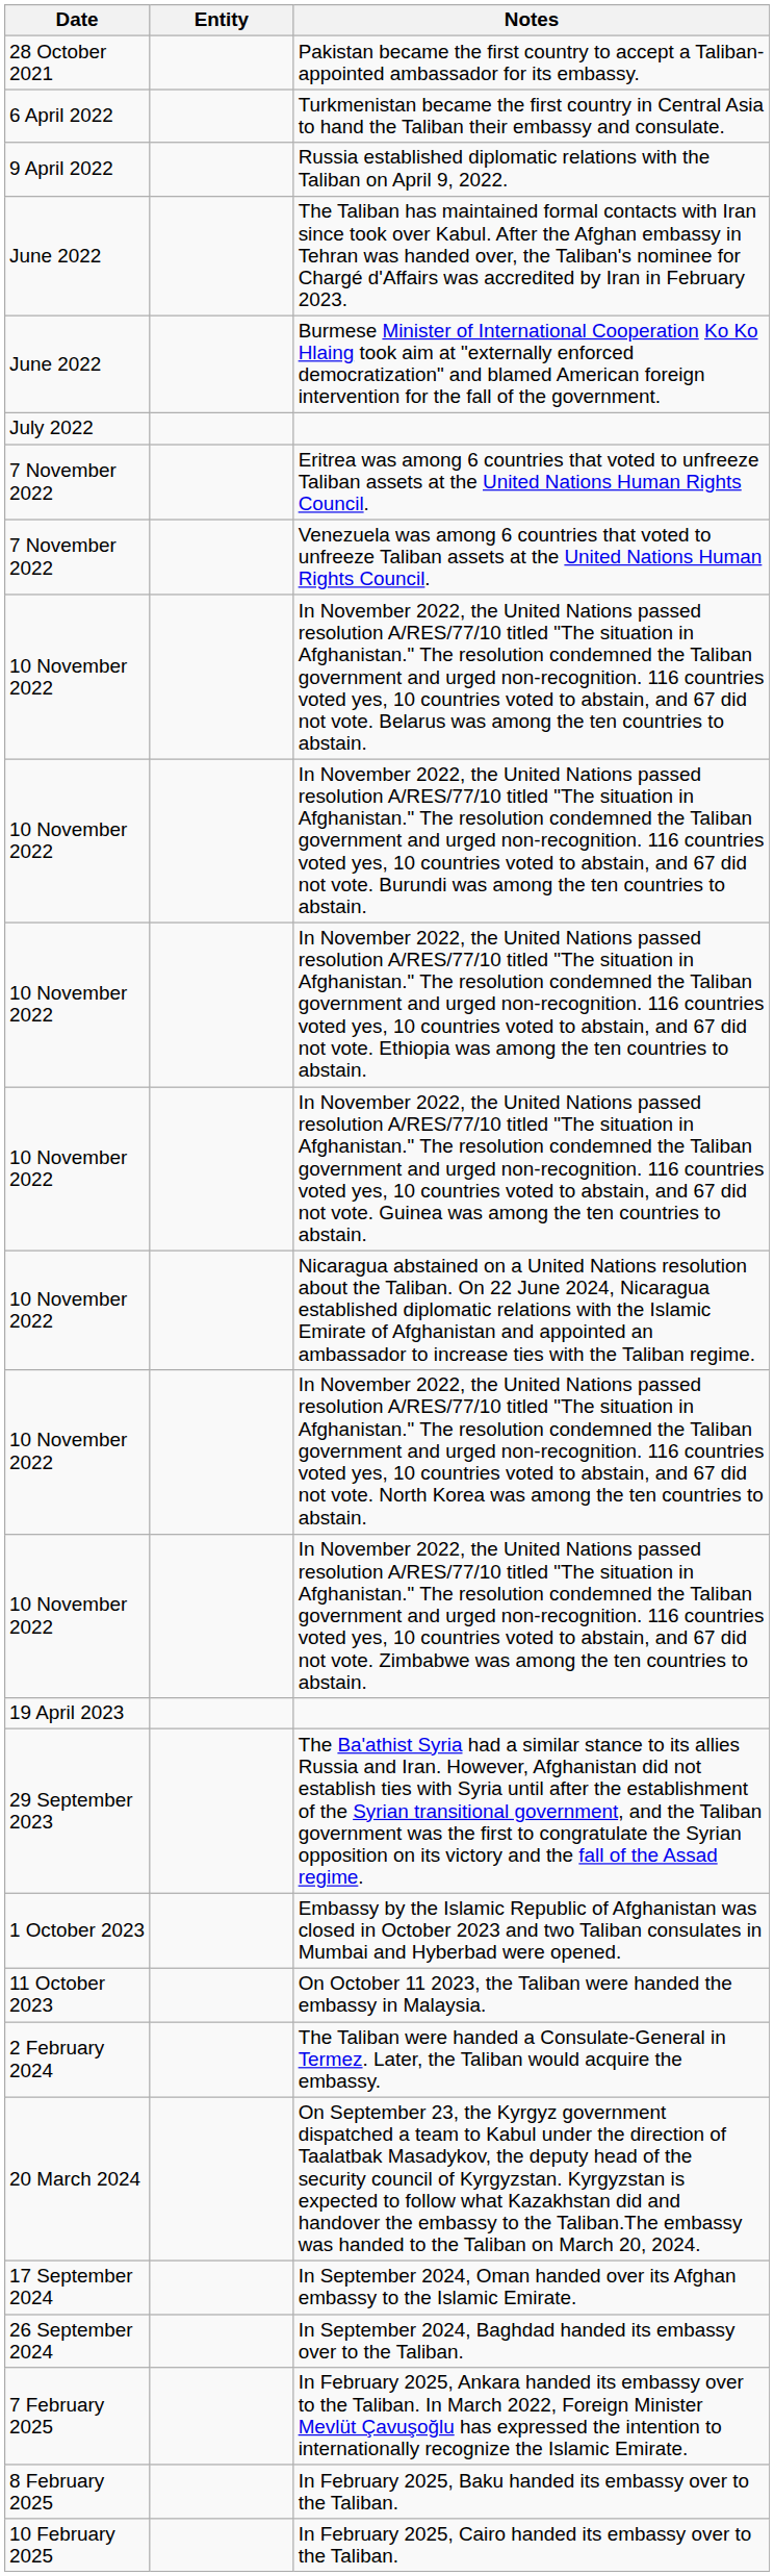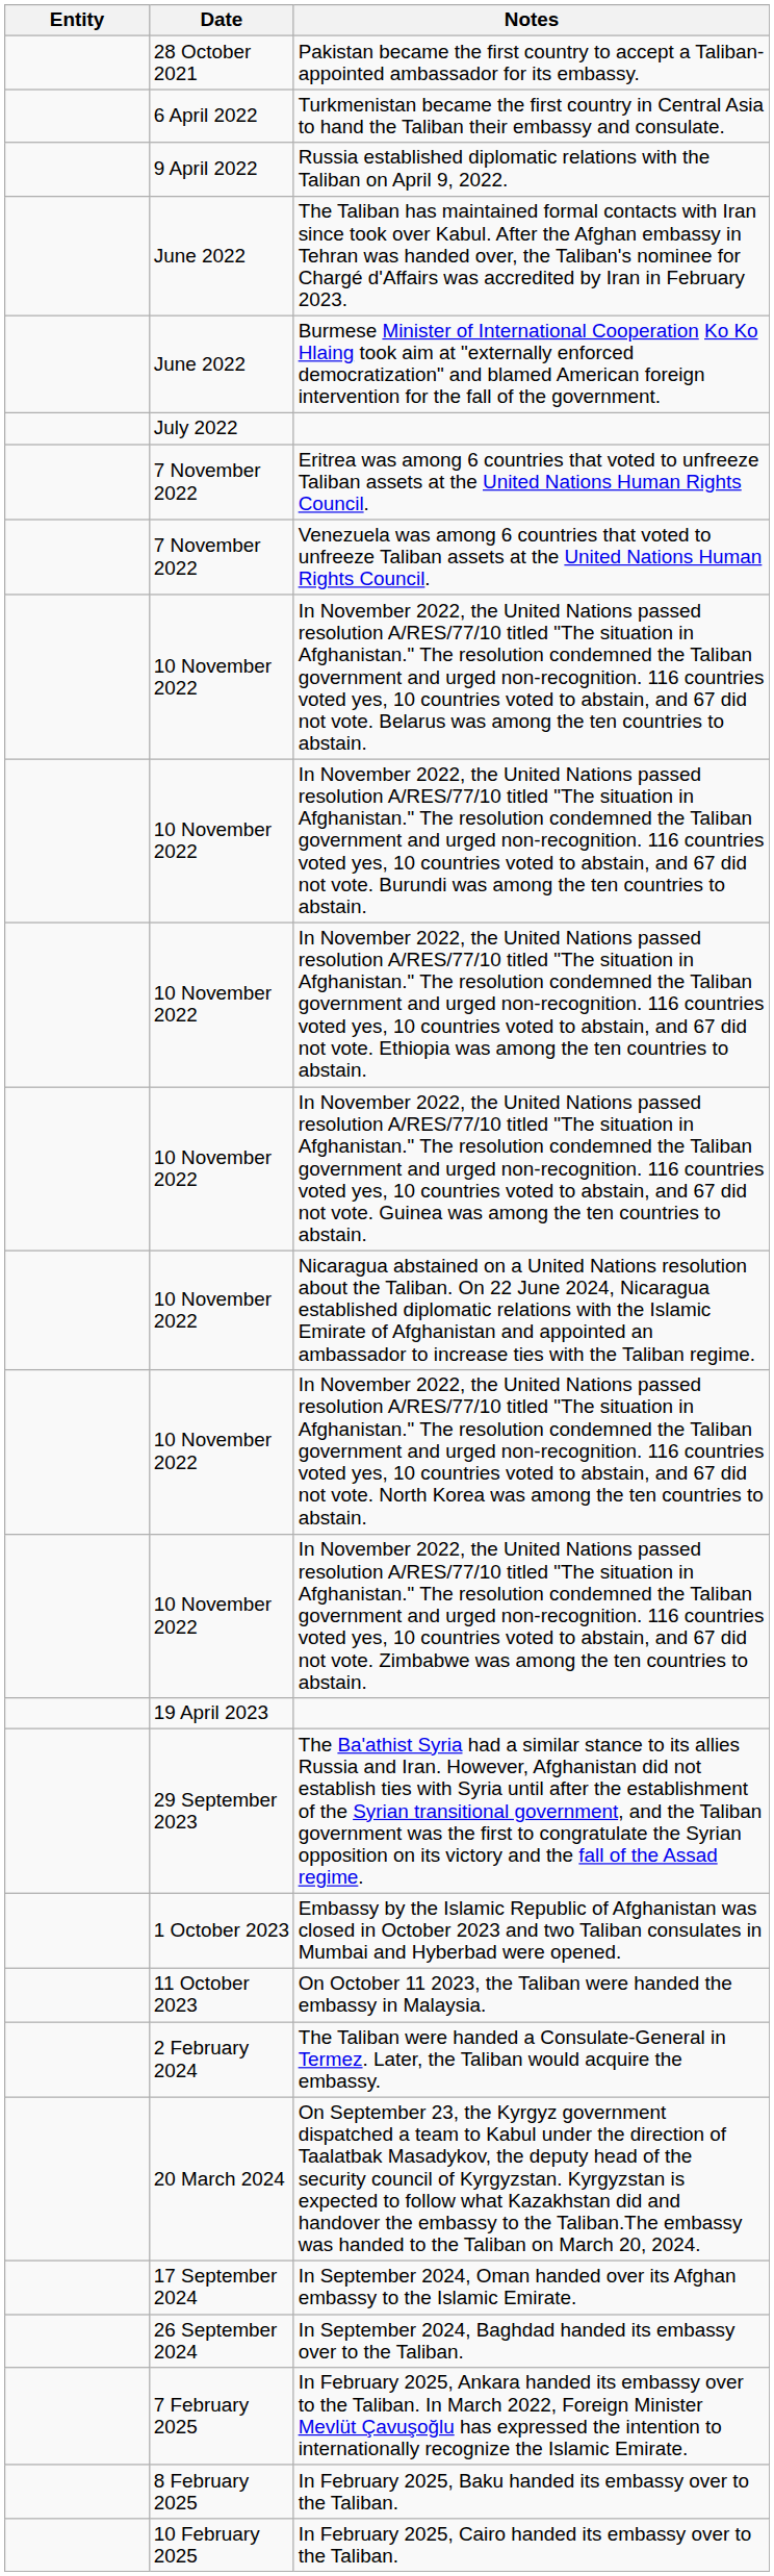 <table class="wikitable sortable" style="width:100%">
 <tr>
+<th style="width:17%;">Entity</th>
 <th style="width:17%;">Date</th>
-<th style="width:17%;">Entity</th>
 <th style="width:56%;" class="unsortable">Notes</th>
 </tr>
 <tr>
+<td></td>
 <td>28 October 2021</td>
-<td></td>
 <td>Pakistan became the first country to accept a Taliban-appointed ambassador for its embassy.</td>
 </tr>
 <tr>
+<td></td>
 <td>6 April 2022</td>
-<td></td>
 <td>Turkmenistan became the first country in Central Asia to hand the Taliban their embassy and consulate.</td>
 </tr>
 <tr>
+<td></td>
 <td>9 April 2022</td>
-<td></td>
 <td>Russia established diplomatic relations with the Taliban on April 9, 2022.</td>
 </tr>
 <tr>
+<td></td>
 <td>June 2022</td>
-<td></td>
 <td>The Taliban has maintained formal contacts with Iran since took over Kabul. After the Afghan embassy in Tehran was handed over, the Taliban's nominee for Chargé d'Affairs was accredited by Iran in February 2023.</td>
 </tr>
 <tr>
+<td></td>
 <td>June 2022</td>
-<td></td>
 <td>Burmese <a href='#'>Minister of International Cooperation</a> <a href='#'>Ko Ko Hlaing</a> took aim at "externally enforced democratization" and blamed American foreign intervention for the fall of the government.</td>
 </tr>
 <tr>
+<td></td>
 <td>July 2022</td>
-<td></td>
 <td></td>
 </tr>
 <tr>
+<td></td>
 <td>7 November 2022</td>
-<td></td>
 <td>Eritrea was among 6 countries that voted to unfreeze Taliban assets at the <a href='#'>United Nations Human Rights Council</a>.</td>
 </tr>
 <tr>
+<td></td>
 <td>7 November 2022</td>
-<td></td>
 <td>Venezuela was among 6 countries that voted to unfreeze Taliban assets at the <a href='#'>United Nations Human Rights Council</a>.</td>
 </tr>
 <tr>
+<td></td>
 <td>10 November 2022</td>
-<td></td>
 <td>In November 2022, the United Nations passed resolution A/RES/77/10 titled "The situation in Afghanistan." The resolution condemned the Taliban government and urged non-recognition. 116 countries voted yes, 10 countries voted to abstain, and 67 did not vote. Belarus was among the ten countries to abstain.</td>
 </tr>
 <tr>
+<td></td>
 <td>10 November 2022</td>
-<td></td>
 <td>In November 2022, the United Nations passed resolution A/RES/77/10 titled "The situation in Afghanistan." The resolution condemned the Taliban government and urged non-recognition. 116 countries voted yes, 10 countries voted to abstain, and 67 did not vote. Burundi was among the ten countries to abstain.</td>
 </tr>
 <tr>
+<td></td>
 <td>10 November 2022</td>
-<td></td>
 <td>In November 2022, the United Nations passed resolution A/RES/77/10 titled "The situation in Afghanistan." The resolution condemned the Taliban government and urged non-recognition. 116 countries voted yes, 10 countries voted to abstain, and 67 did not vote. Ethiopia was among the ten countries to abstain.</td>
 </tr>
 <tr>
+<td></td>
 <td>10 November 2022</td>
-<td></td>
 <td>In November 2022, the United Nations passed resolution A/RES/77/10 titled "The situation in Afghanistan." The resolution condemned the Taliban government and urged non-recognition. 116 countries voted yes, 10 countries voted to abstain, and 67 did not vote. Guinea was among the ten countries to abstain.</td>
 </tr>
 <tr>
+<td></td>
 <td>10 November 2022</td>
-<td></td>
 <td>Nicaragua abstained on a United Nations resolution about the Taliban. On 22 June 2024, Nicaragua established diplomatic relations with the Islamic Emirate of Afghanistan and appointed an ambassador to increase ties with the Taliban regime.</td>
 </tr>
 <tr>
+<td></td>
 <td>10 November 2022</td>
-<td></td>
 <td>In November 2022, the United Nations passed resolution A/RES/77/10 titled "The situation in Afghanistan." The resolution condemned the Taliban government and urged non-recognition. 116 countries voted yes, 10 countries voted to abstain, and 67 did not vote. North Korea was among the ten countries to abstain.</td>
 </tr>
 <tr>
+<td></td>
 <td>10 November 2022</td>
-<td></td>
 <td>In November 2022, the United Nations passed resolution A/RES/77/10 titled "The situation in Afghanistan." The resolution condemned the Taliban government and urged non-recognition. 116 countries voted yes, 10 countries voted to abstain, and 67 did not vote. Zimbabwe was among the ten countries to abstain.</td>
 </tr>
 <tr>
+<td></td>
 <td>19 April 2023</td>
-<td></td>
 <td></td>
 </tr>
 <tr>
+<td></td>
 <td>29 September 2023</td>
-<td></td>
 <td>The <a href='#'>Ba'athist Syria</a> had a similar stance to its allies Russia and Iran. However, Afghanistan did not establish ties with Syria until after the establishment of the <a href='#'>Syrian transitional government</a>, and the Taliban government was the first to congratulate the Syrian opposition on its victory and the <a href='#'>fall of the Assad regime</a>.</td>
 </tr>
 <tr>
+<td></td>
 <td>1 October 2023</td>
-<td></td>
 <td>Embassy by the Islamic Republic of Afghanistan was closed in October 2023 and two Taliban consulates in Mumbai and Hyberbad were opened.</td>
 </tr>
 <tr>
+<td></td>
 <td>11 October 2023</td>
-<td></td>
 <td>On October 11 2023, the Taliban were handed the embassy in Malaysia.</td>
 </tr>
 <tr>
+<td></td>
 <td>2 February 2024</td>
-<td></td>
 <td>The Taliban were handed a Consulate-General in <a href='#'>Termez</a>. Later, the Taliban would acquire the embassy.</td>
 </tr>
 <tr>
+<td></td>
 <td>20 March 2024</td>
-<td></td>
 <td>On September 23, the Kyrgyz government dispatched a team to Kabul under the direction of Taalatbak Masadykov, the deputy head of the security council of Kyrgyzstan. Kyrgyzstan is expected to follow what Kazakhstan did and handover the embassy to the Taliban.The embassy was handed to the Taliban on March 20, 2024. </td>
 </tr>
 <tr>
+<td></td>
 <td>17 September 2024</td>
-<td></td>
 <td>In September 2024, Oman handed over its Afghan embassy to the Islamic Emirate.</td>
 </tr>
 <tr>
+<td></td>
 <td>26 September 2024</td>
-<td></td>
 <td>In September 2024, Baghdad handed its embassy over to the Taliban.</td>
 </tr>
 <tr>
+<td></td>
 <td>7 February 2025</td>
-<td></td>
 <td>In February 2025, Ankara handed its embassy over to the Taliban. In March 2022, Foreign Minister <a href='#'>Mevlüt Çavuşoğlu</a> has expressed the intention to internationally recognize the Islamic Emirate.</td>
 </tr>
 <tr>
+<td></td>
 <td>8 February 2025</td>
-<td></td>
 <td>In February 2025, Baku handed its embassy over to the Taliban.</td>
 </tr>
 <tr>
+<td></td>
 <td>10 February 2025</td>
-<td></td>
 <td>In February 2025, Cairo handed its embassy over to the Taliban.</td>
 </tr>
 </table>
